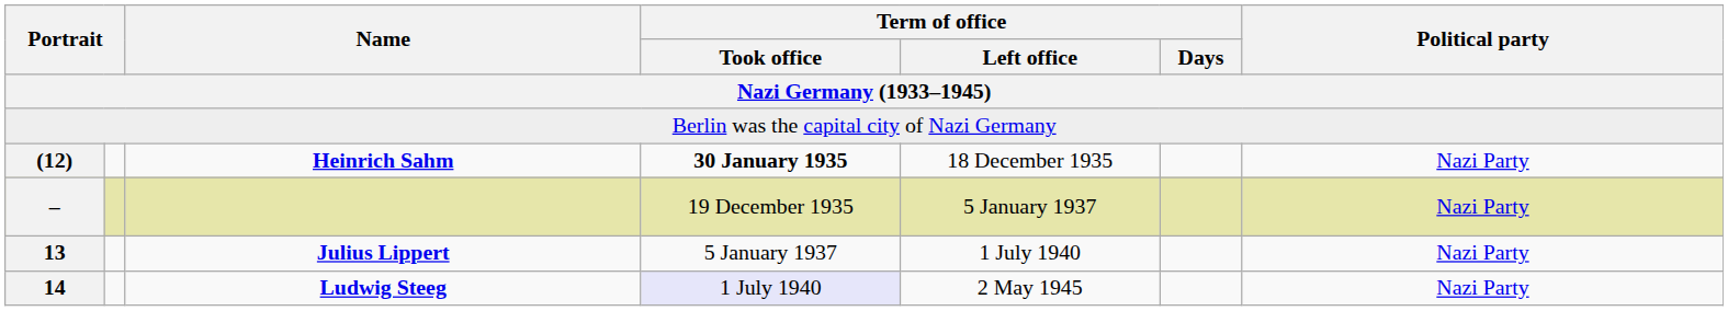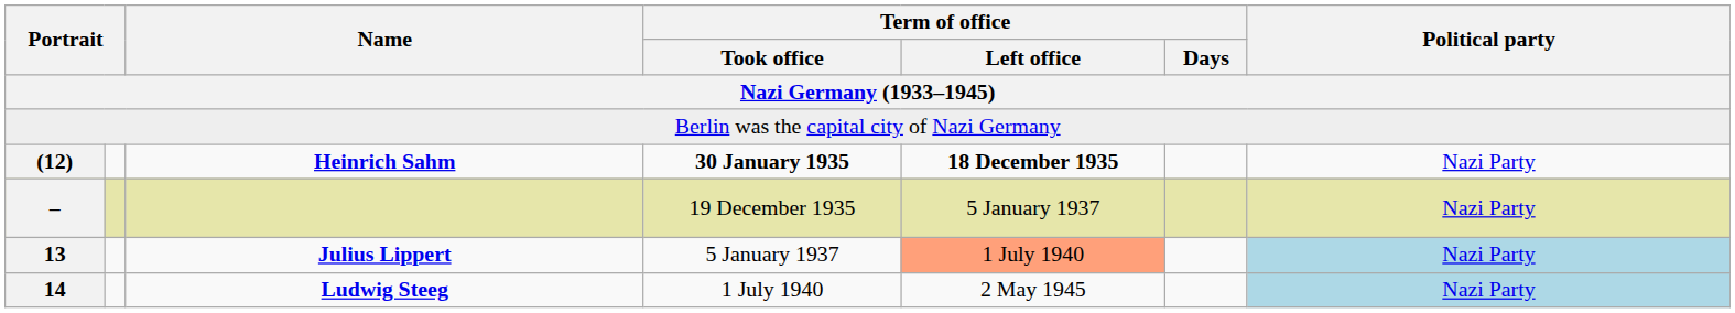 <table class="wikitable" style="text-align:center; width:100%; border:1px #AAAAFF solid">
 <tr>
 <th width=80px rowspan=2 colspan=2>Portrait</th>
 <th width=30% rowspan=2>Name<br></th>
 <th width=35% colspan=3>Term of office</th>
 <th width=28% rowspan=2>Political party</th>
 </tr>
 <tr>
 <th>Took office</th>
 <th>Left office</th>
 <th>Days</th>
 </tr>
 <tr>
 <th colspan="7"><a href='#'>Nazi Germany</a> (1933–1945)</th>
 </tr>
 <tr>
 <td bgcolor=#EEEEEE colspan=7><a href='#'>Berlin</a> was the <a href='#'>capital city</a>  of <a href='#'>Nazi Germany</a></td>
 </tr>
 <tr>
 <th style="background:">(12)</th>
 <td></td>
 <td><strong><a href='#'>Heinrich Sahm</a></strong><br></td>
 <td><strong>30 January 1935</strong></td>
-<td>18 December 1935</td>
+<td><strong>18 December 1935</strong></td>
 <td></td>
 <td><a href='#'>Nazi Party</a></td>
 </tr>
 <tr style="background-color: #E6E6AA" |>
 <th style="background:">–</th>
 <td></td>
 <td><strong></strong><br><br></td>
 <td>19 December 1935</td>
 <td>5 January 1937</td>
 <td></td>
 <td><a href='#'>Nazi Party</a><br></td>
 </tr>
 <tr>
 <th style="background:">13</th>
 <td></td>
 <td><strong><a href='#'>Julius Lippert</a></strong><br></td>
 <td>5 January 1937</td>
-<td>1 July 1940</td>
+<td style="background: lightsalmon;">1 July 1940</td>
 <td></td>
-<td><a href='#'>Nazi Party</a></td>
+<td style="background: lightblue;"><a href='#'>Nazi Party</a></td>
 </tr>
 <tr>
 <th style="background:">14</th>
 <td></td>
 <td><strong><a href='#'>Ludwig Steeg</a></strong><br></td>
-<td style="background: lavender;">1 July 1940</td>
+<td>1 July 1940</td>
 <td>2 May 1945</td>
 <td></td>
-<td><a href='#'>Nazi Party</a></td>
+<td style="background: lightblue;"><a href='#'>Nazi Party</a></td>
 </tr>
 </table>
